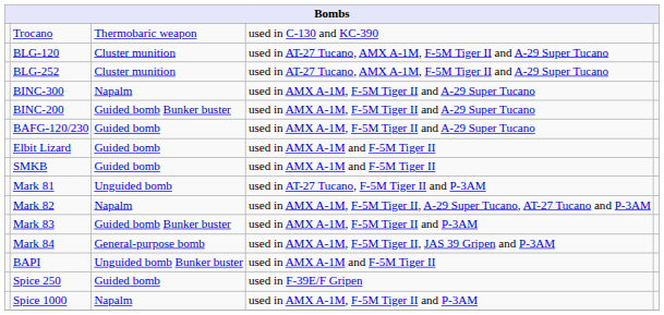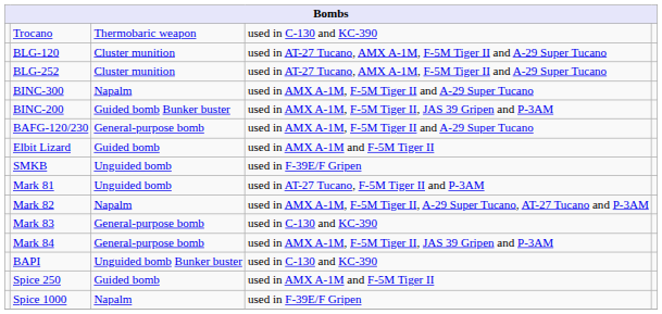 <table class="wikitable">
 <tr>
 <th style="align: center; background: lavender;" colspan="8"><strong>Bombs</strong></th>
 </tr>
 <tr>
 <td></td>
 <td><a href='#'>Trocano</a></td>
 <td><a href='#'>Thermobaric weapon</a></td>
 <td>used in <a href='#'>C-130</a> and <a href='#'>KC-390</a></td>
 <td></td>
 </tr>
 <tr>
 <td></td>
 <td><a href='#'>BLG-120</a></td>
 <td><a href='#'>Cluster munition</a></td>
 <td>used in <a href='#'>AT-27 Tucano</a>, <a href='#'>AMX A-1M</a>, <a href='#'>F-5M Tiger II</a> and <a href='#'>A-29 Super Tucano</a></td>
 <td></td>
 </tr>
 <tr>
 <td></td>
 <td><a href='#'>BLG-252</a></td>
 <td><a href='#'>Cluster munition</a></td>
 <td>used in <a href='#'>AT-27 Tucano</a>, <a href='#'>AMX A-1M</a>, <a href='#'>F-5M Tiger II</a> and <a href='#'>A-29 Super Tucano</a></td>
 <td></td>
 </tr>
 <tr>
 <td></td>
 <td><a href='#'>BINC-300</a></td>
 <td><a href='#'>Napalm</a></td>
 <td>used in <a href='#'>AMX A-1M</a>, <a href='#'>F-5M Tiger II</a> and <a href='#'>A-29 Super Tucano</a></td>
 <td></td>
 </tr>
 <tr>
 <td></td>
 <td><a href='#'>BINC-200</a></td>
 <td><a href='#'>Guided bomb</a> <a href='#'>Bunker buster</a></td>
-<td>used in <a href='#'>AMX A-1M</a>, <a href='#'>F-5M Tiger II</a> and <a href='#'>A-29 Super Tucano</a></td>
+<td>used in <a href='#'>AMX A-1M</a>, <a href='#'>F-5M Tiger II</a>, <a href='#'>JAS 39 Gripen</a> and <a href='#'>P-3AM</a></td>
 <td></td>
 </tr>
 <tr>
 <td></td>
 <td><a href='#'>BAFG-120/230</a></td>
-<td><a href='#'>Guided bomb</a></td>
+<td><a href='#'>General-purpose bomb</a></td>
 <td>used in <a href='#'>AMX A-1M</a>, <a href='#'>F-5M Tiger II</a> and <a href='#'>A-29 Super Tucano</a></td>
 <td></td>
 </tr>
 <tr>
 <td></td>
 <td><a href='#'>Elbit Lizard</a></td>
 <td><a href='#'>Guided bomb</a></td>
 <td>used in <a href='#'>AMX A-1M</a> and <a href='#'>F-5M Tiger II</a></td>
 <td></td>
 </tr>
 <tr>
 <td></td>
 <td><a href='#'>SMKB</a></td>
-<td><a href='#'>Guided bomb</a></td>
-<td>used in <a href='#'>AMX A-1M</a> and <a href='#'>F-5M Tiger II</a></td>
+<td><a href='#'>Unguided bomb</a></td>
+<td>used in <a href='#'>F-39E/F Gripen</a></td>
 <td></td>
 </tr>
 <tr>
 <td></td>
 <td><a href='#'>Mark 81</a></td>
 <td><a href='#'>Unguided bomb</a></td>
 <td>used in <a href='#'>AT-27 Tucano</a>, <a href='#'>F-5M Tiger II</a> and <a href='#'>P-3AM</a></td>
 <td></td>
 </tr>
 <tr>
 <td></td>
 <td><a href='#'>Mark 82</a></td>
 <td><a href='#'>Napalm</a></td>
 <td>used in <a href='#'>AMX A-1M</a>, <a href='#'>F-5M Tiger II</a>, <a href='#'>A-29 Super Tucano</a>, <a href='#'>AT-27 Tucano</a> and <a href='#'>P-3AM</a></td>
 <td></td>
 </tr>
 <tr>
 <td></td>
 <td><a href='#'>Mark 83</a></td>
-<td><a href='#'>Guided bomb</a> <a href='#'>Bunker buster</a></td>
-<td>used in <a href='#'>AMX A-1M</a>, <a href='#'>F-5M Tiger II</a> and <a href='#'>P-3AM</a></td>
+<td><a href='#'>General-purpose bomb</a></td>
+<td>used in <a href='#'>C-130</a> and <a href='#'>KC-390</a></td>
 <td></td>
 </tr>
 <tr>
 <td></td>
 <td><a href='#'>Mark 84</a></td>
 <td><a href='#'>General-purpose bomb</a></td>
 <td>used in <a href='#'>AMX A-1M</a>, <a href='#'>F-5M Tiger II</a>, <a href='#'>JAS 39 Gripen</a> and <a href='#'>P-3AM</a></td>
 <td></td>
 </tr>
 <tr>
 <td></td>
 <td><a href='#'>BAPI</a></td>
 <td><a href='#'>Unguided bomb</a> <a href='#'>Bunker buster</a></td>
-<td>used in <a href='#'>AMX A-1M</a> and <a href='#'>F-5M Tiger II</a></td>
+<td>used in <a href='#'>C-130</a> and <a href='#'>KC-390</a></td>
 <td></td>
 </tr>
 <tr>
 <td></td>
 <td><a href='#'>Spice 250</a></td>
 <td><a href='#'>Guided bomb</a></td>
-<td>used in <a href='#'>F-39E/F Gripen</a></td>
+<td>used in <a href='#'>AMX A-1M</a> and <a href='#'>F-5M Tiger II</a></td>
 <td></td>
 </tr>
 <tr>
 <td></td>
 <td><a href='#'>Spice 1000</a></td>
 <td><a href='#'>Napalm</a></td>
-<td>used in <a href='#'>AMX A-1M</a>, <a href='#'>F-5M Tiger II</a> and <a href='#'>P-3AM</a></td>
+<td>used in <a href='#'>F-39E/F Gripen</a></td>
 <td></td>
 </tr>
 <tr>
 </tr>
 </table>
